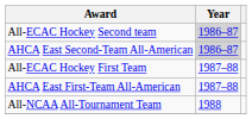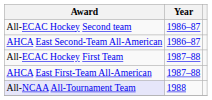 <table class="wikitable">
 <tr>
 <th>Award</th>
 <th>Year</th>
 <th></th>
 </tr>
 <tr>
 <td>All-<a href='#'>ECAC Hockey</a> <a href='#'>Second team</a></td>
-<td style="background: lightgrey;"><a href='#'>1986–87</a></td>
+<td><a href='#'>1986–87</a></td>
 <td></td>
 </tr>
 <tr>
 <td><a href='#'>AHCA</a> <a href='#'>East Second-Team All-American</a></td>
-<td style="background: lightgrey;"><a href='#'>1986–87</a></td>
+<td><a href='#'>1986–87</a></td>
 <td></td>
 </tr>
 <tr>
 <td>All-<a href='#'>ECAC Hockey</a> <a href='#'>First Team</a></td>
 <td><a href='#'>1987–88</a></td>
 <td></td>
 </tr>
 <tr>
 <td><a href='#'>AHCA</a> <a href='#'>East First-Team All-American</a></td>
 <td><a href='#'>1987–88</a></td>
 <td></td>
 </tr>
 <tr>
-<td>All-<a href='#'>NCAA</a> <a href='#'>All-Tournament Team</a></td>
+<td style="background: lavender;">All-<a href='#'>NCAA</a> <a href='#'>All-Tournament Team</a></td>
 <td><a href='#'>1988</a></td>
 <td></td>
 </tr>
 <tr>
 </tr>
 </table>
